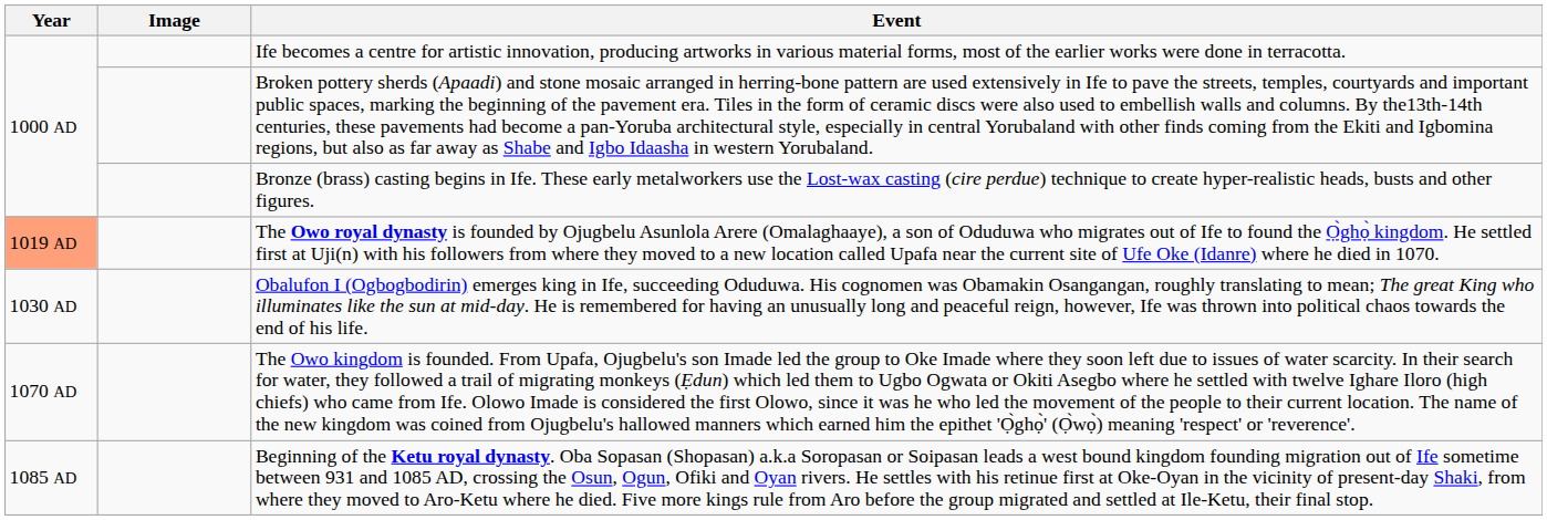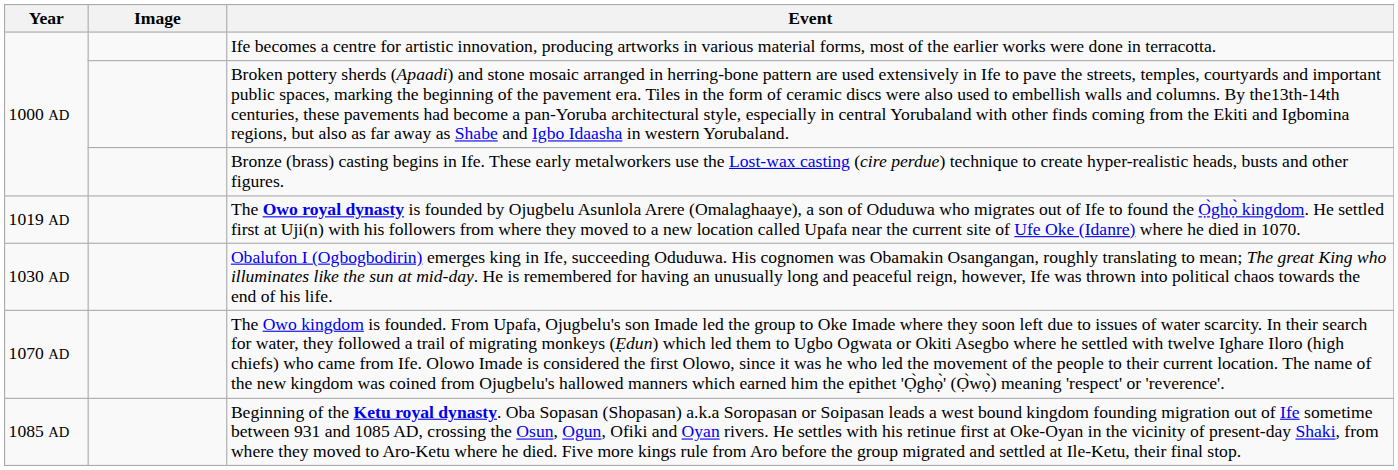 <table class="wikitable" width="100%">
 <tr>
 <th style="width:6%">Year</th>
 <th style="width:10%">Image</th>
 <th>Event</th>
 </tr>
 <tr>
 <td rowspan="3" valign="middle">1000 <small>AD</small></td>
 <td></td>
 <td>Ife becomes a centre for artistic innovation, producing artworks in various material forms, most of the earlier works were done in terracotta.</td>
 </tr>
 <tr>
 <td></td>
 <td>Broken pottery sherds (<em>Apaadi</em>) and stone mosaic arranged in herring-bone pattern are used extensively in Ife to pave the streets, temples, courtyards and important public spaces, marking the beginning of the pavement era. Tiles in the form of ceramic discs were also used to embellish walls and columns. By the13th-14th centuries, these pavements had become a pan-Yoruba architectural style, especially in central Yorubaland with other finds coming from the Ekiti and Igbomina regions, but also as far away as <a href='#'>Shabe</a> and <a href='#'>Igbo Idaasha</a> in western Yorubaland.</td>
 </tr>
 <tr>
 <td></td>
 <td>Bronze (brass) casting begins in Ife. These early metalworkers use the <a href='#'>Lost-wax casting</a> (<em>cire perdue</em>) technique to create hyper-realistic heads, busts and other figures.</td>
 </tr>
 <tr>
-<td style="background: lightsalmon;">1019 <small>AD</small></td>
+<td>1019 <small>AD</small></td>
 <td></td>
 <td>The <strong><a href='#'>Owo royal dynasty</a></strong> is founded by Ojugbelu Asunlola Arere (Omalaghaaye), a son of Oduduwa who migrates out of Ife to found the <a href='#'>Ọ̀ghọ̀ kingdom</a>. He settled first at Uji(n) with his followers from where they moved to a new location called Upafa near the current site of <a href='#'>Ufe Oke (Idanre)</a> where he died in 1070.</td>
 </tr>
 <tr>
 <td>1030 <small>AD</small></td>
 <td></td>
 <td><a href='#'>Obalufon I (Ogbogbodirin)</a> emerges king in Ife, succeeding Oduduwa. His cognomen was Obamakin Osangangan, roughly translating to mean; <em>The great King who illuminates like the sun at mid-day</em>. He is remembered for having an unusually long and peaceful reign, however, Ife was thrown into political chaos towards the end of his life.</td>
 </tr>
 <tr>
 <td>1070 <small>AD</small></td>
 <td></td>
 <td>The <a href='#'>Owo kingdom</a> is founded. From Upafa, Ojugbelu's son Imade led the group to Oke Imade where they soon left due to issues of water scarcity. In their search for water, they followed a trail of migrating monkeys (<em>Ẹdun</em>) which led them to Ugbo Ogwata or Okiti Asegbo where he settled with twelve Ighare Iloro (high chiefs) who came from Ife. Olowo Imade is considered the first Olowo, since it was he who led the movement of the people to their current location. The name of the new kingdom was coined from Ojugbelu's hallowed manners which earned him the epithet 'Ọ̀ghọ̀' (Ọ̀wọ̀) meaning 'respect' or 'reverence'.</td>
 </tr>
 <tr>
 <td>1085 <small>AD</small></td>
 <td><small></small></td>
 <td>Beginning of the <strong><a href='#'>Ketu royal dynasty</a></strong>. Oba Sopasan (Shopasan) a.k.a Soropasan or Soipasan leads a west bound kingdom founding migration out of <a href='#'>Ife</a> sometime between 931 and 1085 AD, crossing the <a href='#'>Osun</a>, <a href='#'>Ogun</a>, Ofiki and <a href='#'>Oyan</a> rivers. He settles with his retinue first at Oke-Oyan in the vicinity of present-day <a href='#'>Shaki</a>, from where they moved to Aro-Ketu where he died. Five more kings rule from Aro before the group migrated and settled at Ile-Ketu, their final stop.</td>
 </tr>
 </table>
